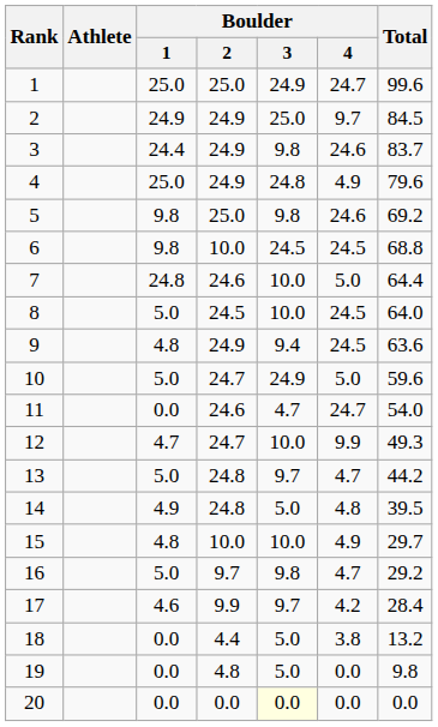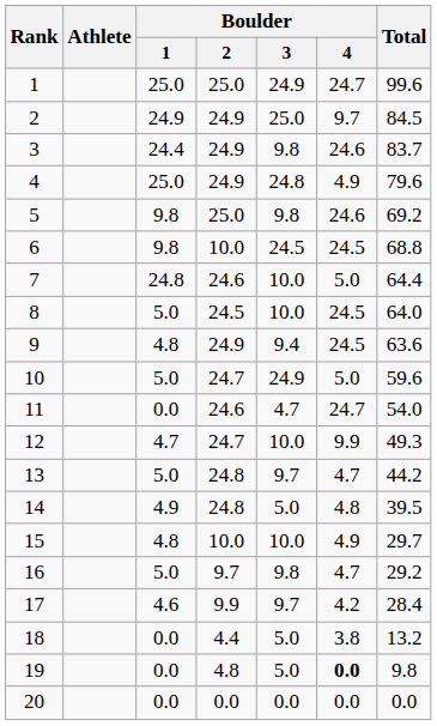 <table class="wikitable sortable" style="text-align:center">
 <tr>
 <th scope="col" rowspan="2">Rank</th>
 <th scope="col" rowspan="2">Athlete</th>
 <th scope="col" colspan="4">Boulder</th>
 <th scope="col" rowspan="2">Total</th>
 </tr>
 <tr>
 <th scope="col" style="width:2.8em;font-size:90%;">1</th>
 <th scope="col" style="width:2.8em;font-size:90%;">2</th>
 <th scope="col" style="width:2.8em;font-size:90%;">3</th>
 <th scope="col" style="width:2.8em;font-size:90%;">4</th>
 </tr>
 <tr>
 <td>1</td>
 <td align=left></td>
 <td>25.0</td>
 <td>25.0</td>
 <td>24.9</td>
 <td>24.7</td>
 <td>99.6</td>
 </tr>
 <tr>
 <td>2</td>
 <td align=left></td>
 <td>24.9</td>
 <td>24.9</td>
 <td>25.0</td>
 <td>9.7</td>
 <td>84.5</td>
 </tr>
 <tr>
 <td>3</td>
 <td align=left></td>
 <td>24.4</td>
 <td>24.9</td>
 <td>9.8</td>
 <td>24.6</td>
 <td>83.7</td>
 </tr>
 <tr>
 <td>4</td>
 <td align=left></td>
 <td>25.0</td>
 <td>24.9</td>
 <td>24.8</td>
 <td>4.9</td>
 <td>79.6</td>
 </tr>
 <tr>
 <td>5</td>
 <td align=left></td>
 <td>9.8</td>
 <td>25.0</td>
 <td>9.8</td>
 <td>24.6</td>
 <td>69.2</td>
 </tr>
 <tr>
 <td>6</td>
 <td align=left></td>
 <td>9.8</td>
 <td>10.0</td>
 <td>24.5</td>
 <td>24.5</td>
 <td>68.8</td>
 </tr>
 <tr>
 <td>7</td>
 <td align=left></td>
 <td>24.8</td>
 <td>24.6</td>
 <td>10.0</td>
 <td>5.0</td>
 <td>64.4</td>
 </tr>
 <tr>
 <td>8</td>
 <td align=left></td>
 <td>5.0</td>
 <td>24.5</td>
 <td>10.0</td>
 <td>24.5</td>
 <td>64.0</td>
 </tr>
 <tr>
 <td>9</td>
 <td align=left></td>
 <td>4.8</td>
 <td>24.9</td>
 <td>9.4</td>
 <td>24.5</td>
 <td>63.6</td>
 </tr>
 <tr>
 <td>10</td>
 <td align=left></td>
 <td>5.0</td>
 <td>24.7</td>
 <td>24.9</td>
 <td>5.0</td>
 <td>59.6</td>
 </tr>
 <tr>
 <td>11</td>
 <td align=left></td>
 <td>0.0</td>
 <td>24.6</td>
 <td>4.7</td>
 <td>24.7</td>
 <td>54.0</td>
 </tr>
 <tr>
 <td>12</td>
 <td align=left></td>
 <td>4.7</td>
 <td>24.7</td>
 <td>10.0</td>
 <td>9.9</td>
 <td>49.3</td>
 </tr>
 <tr>
 <td>13</td>
 <td align=left></td>
 <td>5.0</td>
 <td>24.8</td>
 <td>9.7</td>
 <td>4.7</td>
 <td>44.2</td>
 </tr>
 <tr>
 <td>14</td>
 <td align=left></td>
 <td>4.9</td>
 <td>24.8</td>
 <td>5.0</td>
 <td>4.8</td>
 <td>39.5</td>
 </tr>
 <tr>
 <td>15</td>
 <td align=left></td>
 <td>4.8</td>
 <td>10.0</td>
 <td>10.0</td>
 <td>4.9</td>
 <td>29.7</td>
 </tr>
 <tr>
 <td>16</td>
 <td align=left></td>
 <td>5.0</td>
 <td>9.7</td>
 <td>9.8</td>
 <td>4.7</td>
 <td>29.2</td>
 </tr>
 <tr>
 <td>17</td>
 <td align=left></td>
 <td>4.6</td>
 <td>9.9</td>
 <td>9.7</td>
 <td>4.2</td>
 <td>28.4</td>
 </tr>
 <tr>
 <td>18</td>
 <td align=left></td>
 <td>0.0</td>
 <td>4.4</td>
 <td>5.0</td>
 <td>3.8</td>
 <td>13.2</td>
 </tr>
 <tr>
 <td>19</td>
 <td align=left></td>
 <td>0.0</td>
 <td>4.8</td>
 <td>5.0</td>
-<td>0.0</td>
+<td><strong>0.0</strong></td>
 <td>9.8</td>
 </tr>
 <tr>
 <td>20</td>
 <td align=left></td>
 <td>0.0</td>
 <td>0.0</td>
-<td style="background: lightyellow;">0.0</td>
+<td>0.0</td>
 <td>0.0</td>
 <td>0.0</td>
 </tr>
 </table>
